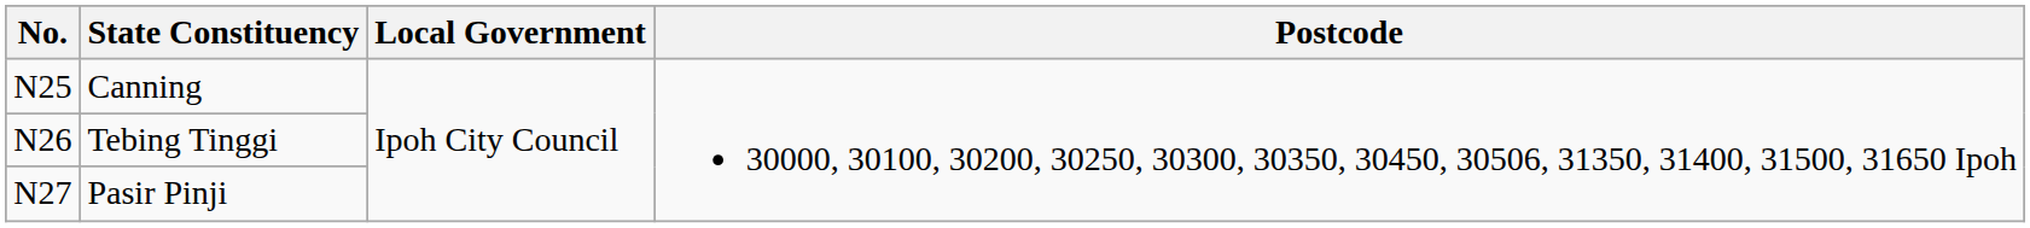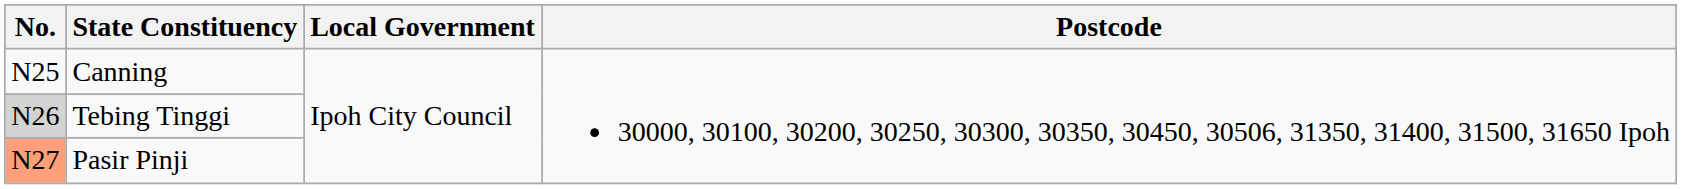 <table class="wikitable">
 <tr>
 <th>No.</th>
 <th>State Constituency</th>
 <th>Local Government</th>
 <th>Postcode</th>
 </tr>
 <tr>
 <td>N25</td>
 <td>Canning</td>
 <td rowspan="3">Ipoh City Council</td>
 <td rowspan="3"><br><ul><li>30000, 30100, 30200, 30250, 30300, 30350, 30450, 30506, 31350, 31400, 31500, 31650 Ipoh</li></ul></td>
 </tr>
 <tr>
-<td>N26</td>
+<td style="background: lightgrey;">N26</td>
 <td>Tebing Tinggi</td>
 </tr>
 <tr>
-<td>N27</td>
+<td style="background: lightsalmon;">N27</td>
 <td>Pasir Pinji</td>
 </tr>
 </table>
